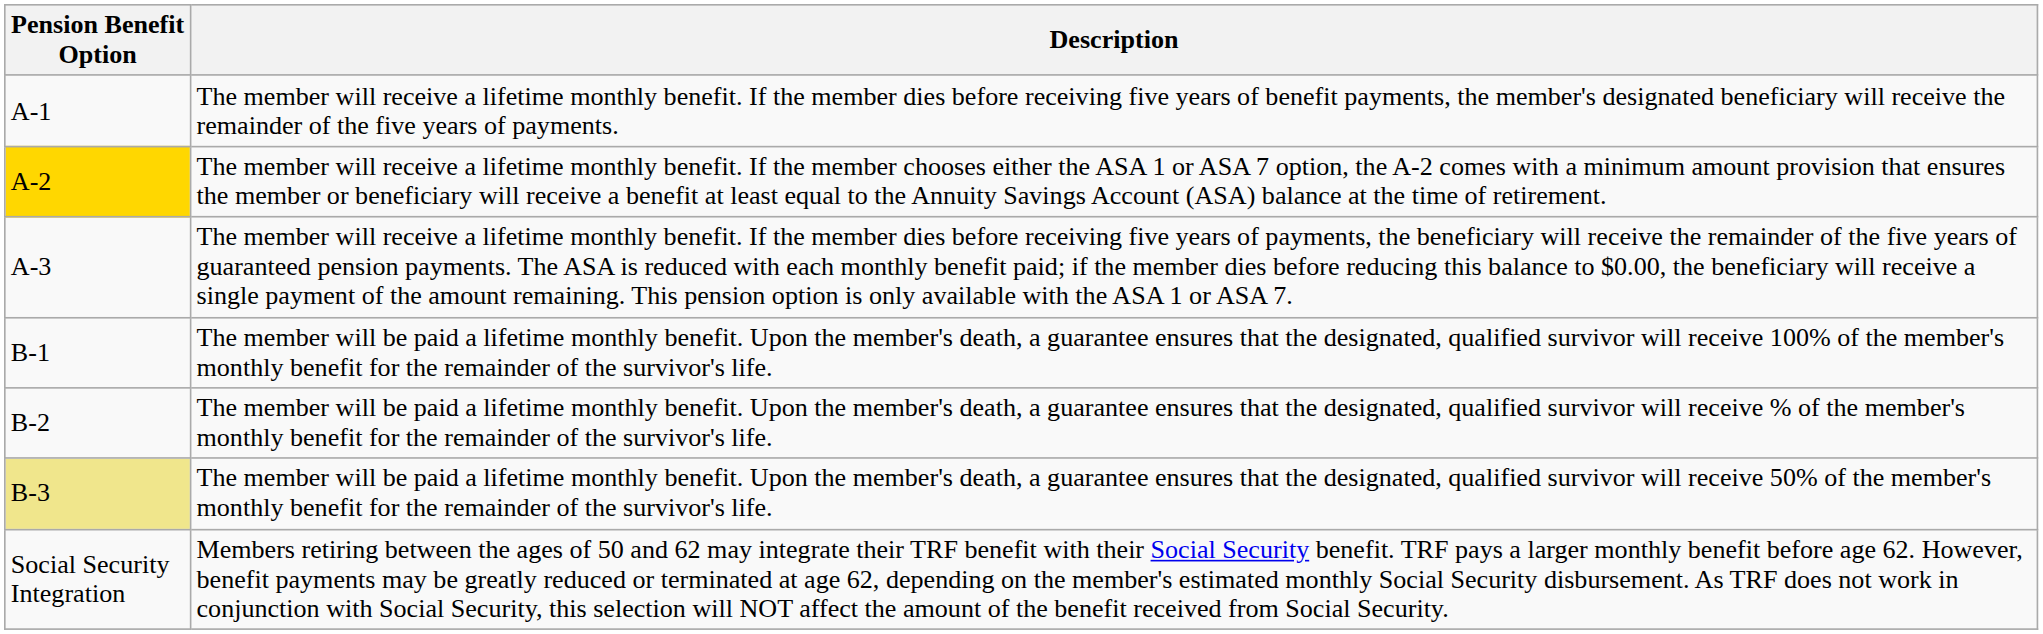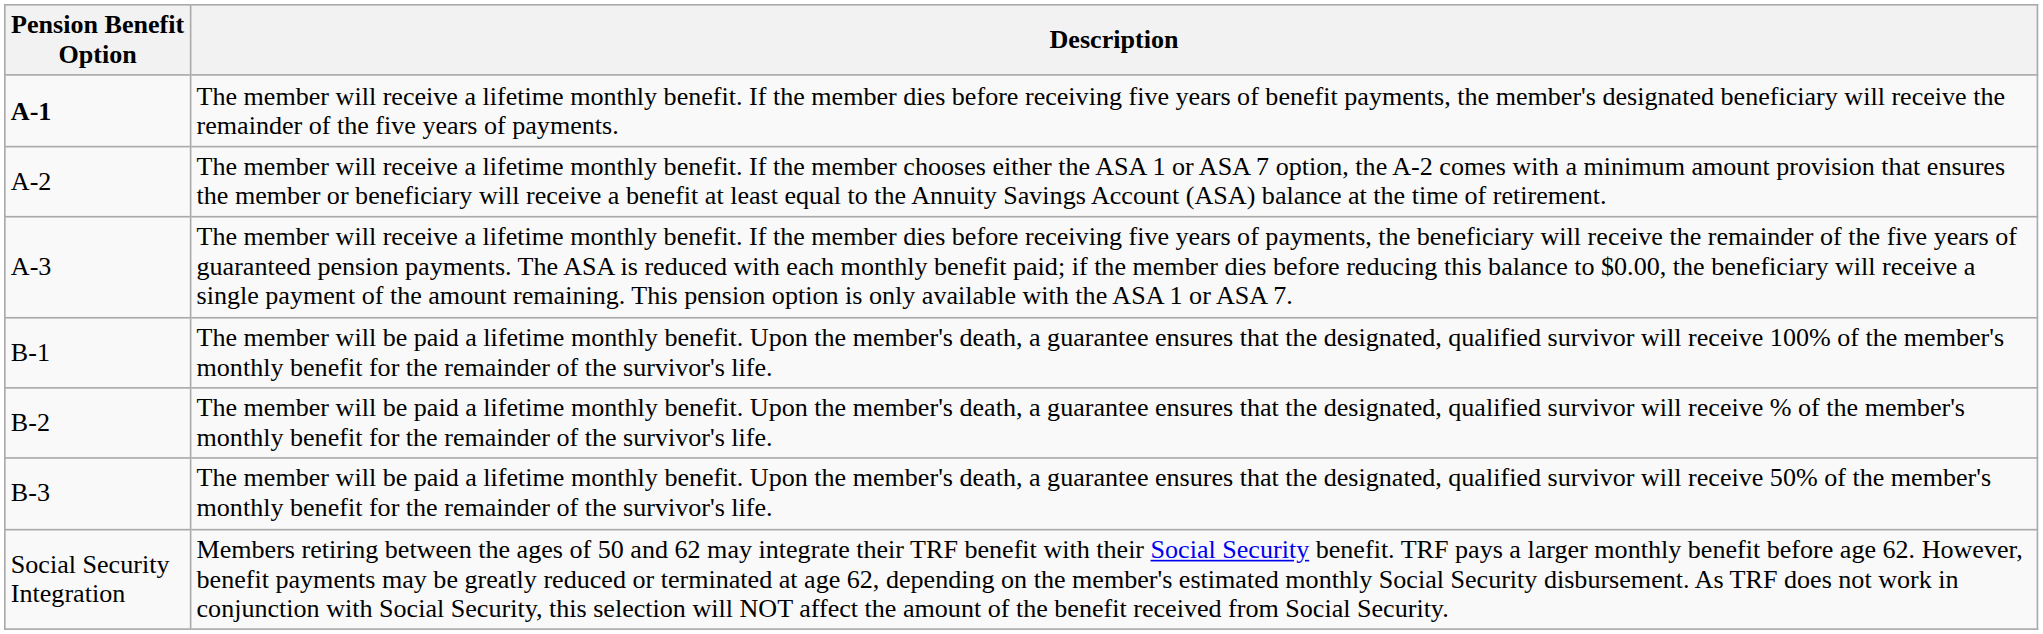 <table class="wikitable" border="1">
 <tr>
 <th>Pension Benefit Option</th>
 <th>Description</th>
 </tr>
 <tr>
-<td>A-1</td>
+<td><strong>A-1</strong></td>
 <td>The member will receive a lifetime monthly benefit. If the member dies before receiving five years of benefit payments, the member's designated beneficiary will receive the remainder of the five years of payments.</td>
 </tr>
 <tr>
-<td style="background: gold;">A-2</td>
+<td>A-2</td>
 <td>The member will receive a lifetime monthly benefit. If the member chooses either the ASA 1 or ASA 7 option, the A-2 comes with a minimum amount provision that ensures the member or beneficiary will receive a benefit at least equal to the Annuity Savings Account (ASA) balance at the time of retirement.</td>
 </tr>
 <tr>
 <td>A-3</td>
 <td>The member will receive a lifetime monthly benefit. If the member dies before receiving five years of payments, the beneficiary will receive the remainder of the five years of guaranteed pension payments. The ASA is reduced with each monthly benefit paid; if the member dies before reducing this balance to $0.00, the beneficiary will receive a single payment of the amount remaining. This pension option is only available with the ASA 1 or ASA 7.</td>
 </tr>
 <tr>
 <td>B-1</td>
 <td>The member will be paid a lifetime monthly benefit. Upon the member's death, a guarantee ensures that the designated, qualified survivor will receive 100% of the member's monthly benefit for the remainder of the survivor's life.</td>
 </tr>
 <tr>
 <td>B-2</td>
 <td>The member will be paid a lifetime monthly benefit. Upon the member's death, a guarantee ensures that the designated, qualified survivor will receive % of the member's monthly benefit for the remainder of the survivor's life.</td>
 </tr>
 <tr>
-<td style="background: khaki;">B-3</td>
+<td>B-3</td>
 <td>The member will be paid a lifetime monthly benefit. Upon the member's death, a guarantee ensures that the designated, qualified survivor will receive 50% of the member's monthly benefit for the remainder of the survivor's life.</td>
 </tr>
 <tr>
 <td>Social Security Integration</td>
 <td>Members retiring between the ages of 50 and 62 may integrate their TRF benefit with their <a href='#'>Social Security</a> benefit. TRF pays a larger monthly benefit before age 62. However, benefit payments may be greatly reduced or terminated at age 62, depending on the member's estimated monthly Social Security disbursement. As TRF does not work in conjunction with Social Security, this selection will NOT affect the amount of the benefit received from Social Security.</td>
 </tr>
 </table>
